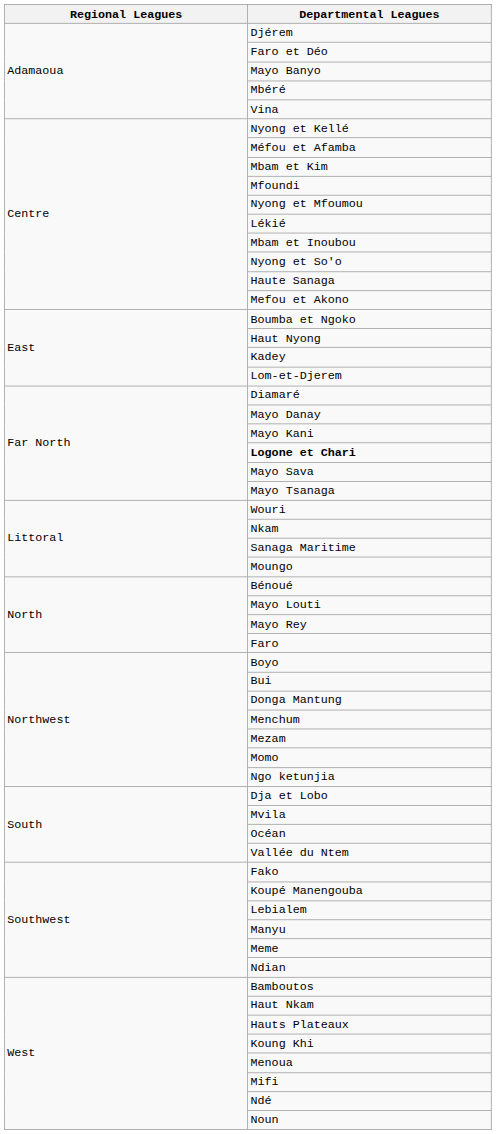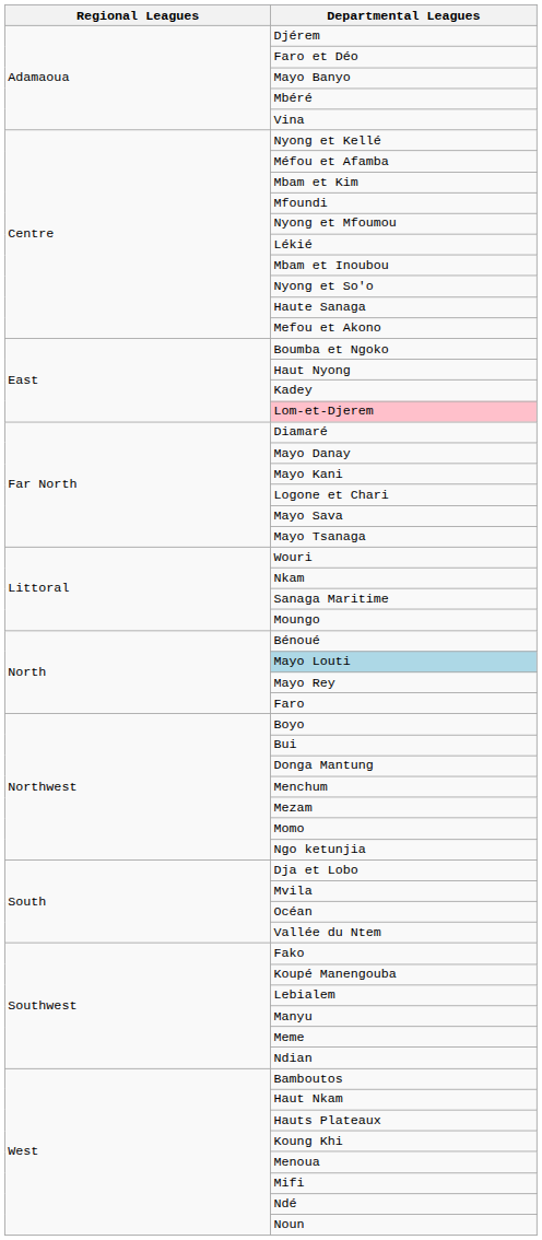 <table class="wikitable" style="text-align: left;">
 <tr style="background:#dfecff;">
 <th width="30%">Regional Leagues<br></th>
 <th width="30%">Departmental Leagues<br></th>
 </tr>
 <tr>
 <td rowspan=5>Adamaoua</td>
 <td>Djérem</td>
 </tr>
 <tr>
 <td>Faro et Déo</td>
 </tr>
 <tr>
 <td>Mayo Banyo</td>
 </tr>
 <tr>
 <td>Mbéré</td>
 </tr>
 <tr>
 <td>Vina</td>
 </tr>
 <tr>
 <td rowspan=10>Centre</td>
 <td>Nyong et Kellé</td>
 </tr>
 <tr>
 <td>Méfou et Afamba</td>
 </tr>
 <tr>
 <td>Mbam et Kim</td>
 </tr>
 <tr>
 <td>Mfoundi</td>
 </tr>
 <tr>
 <td>Nyong et Mfoumou</td>
 </tr>
 <tr>
 <td>Lékié</td>
 </tr>
 <tr>
 <td>Mbam et Inoubou</td>
 </tr>
 <tr>
 <td>Nyong et So'o</td>
 </tr>
 <tr>
 <td>Haute Sanaga</td>
 </tr>
 <tr>
 <td>Mefou et Akono</td>
 </tr>
 <tr>
 <td rowspan=4>East</td>
 <td>Boumba et Ngoko</td>
 </tr>
 <tr>
 <td>Haut Nyong</td>
 </tr>
 <tr>
 <td>Kadey</td>
 </tr>
 <tr>
-<td>Lom-et-Djerem</td>
+<td style="background: pink;">Lom-et-Djerem</td>
 </tr>
 <tr>
 <td rowspan=6>Far North</td>
 <td>Diamaré</td>
 </tr>
 <tr>
 <td>Mayo Danay</td>
 </tr>
 <tr>
 <td>Mayo Kani</td>
 </tr>
 <tr>
-<td><strong>Logone et Chari</strong></td>
+<td>Logone et Chari</td>
 </tr>
 <tr>
 <td>Mayo Sava</td>
 </tr>
 <tr>
 <td>Mayo Tsanaga</td>
 </tr>
 <tr>
 <td rowspan=4>Littoral</td>
 <td>Wouri</td>
 </tr>
 <tr>
 <td>Nkam</td>
 </tr>
 <tr>
 <td>Sanaga Maritime</td>
 </tr>
 <tr>
 <td>Moungo</td>
 </tr>
 <tr>
 <td rowspan=4>North</td>
 <td>Bénoué</td>
 </tr>
 <tr>
-<td>Mayo Louti</td>
+<td style="background: lightblue;">Mayo Louti</td>
 </tr>
 <tr>
 <td>Mayo Rey</td>
 </tr>
 <tr>
 <td>Faro</td>
 </tr>
 <tr>
 <td rowspan=7>Northwest</td>
 <td>Boyo</td>
 </tr>
 <tr>
 <td>Bui</td>
 </tr>
 <tr>
 <td>Donga Mantung</td>
 </tr>
 <tr>
 <td>Menchum</td>
 </tr>
 <tr>
 <td>Mezam</td>
 </tr>
 <tr>
 <td>Momo</td>
 </tr>
 <tr>
 <td>Ngo ketunjia</td>
 </tr>
 <tr>
 <td rowspan=4>South</td>
 <td>Dja et Lobo</td>
 </tr>
 <tr>
 <td>Mvila</td>
 </tr>
 <tr>
 <td>Océan</td>
 </tr>
 <tr>
 <td>Vallée du Ntem</td>
 </tr>
 <tr>
 <td rowspan=6>Southwest</td>
 <td>Fako</td>
 </tr>
 <tr>
 <td>Koupé Manengouba</td>
 </tr>
 <tr>
 <td>Lebialem</td>
 </tr>
 <tr>
 <td>Manyu</td>
 </tr>
 <tr>
 <td>Meme</td>
 </tr>
 <tr>
 <td>Ndian</td>
 </tr>
 <tr>
 <td rowspan=8>West</td>
 <td>Bamboutos</td>
 </tr>
 <tr>
 <td>Haut Nkam</td>
 </tr>
 <tr>
 <td>Hauts Plateaux</td>
 </tr>
 <tr>
 <td>Koung Khi</td>
 </tr>
 <tr>
 <td>Menoua</td>
 </tr>
 <tr>
 <td>Mifi</td>
 </tr>
 <tr>
 <td>Ndé</td>
 </tr>
 <tr>
 <td>Noun</td>
 </tr>
 </table>
